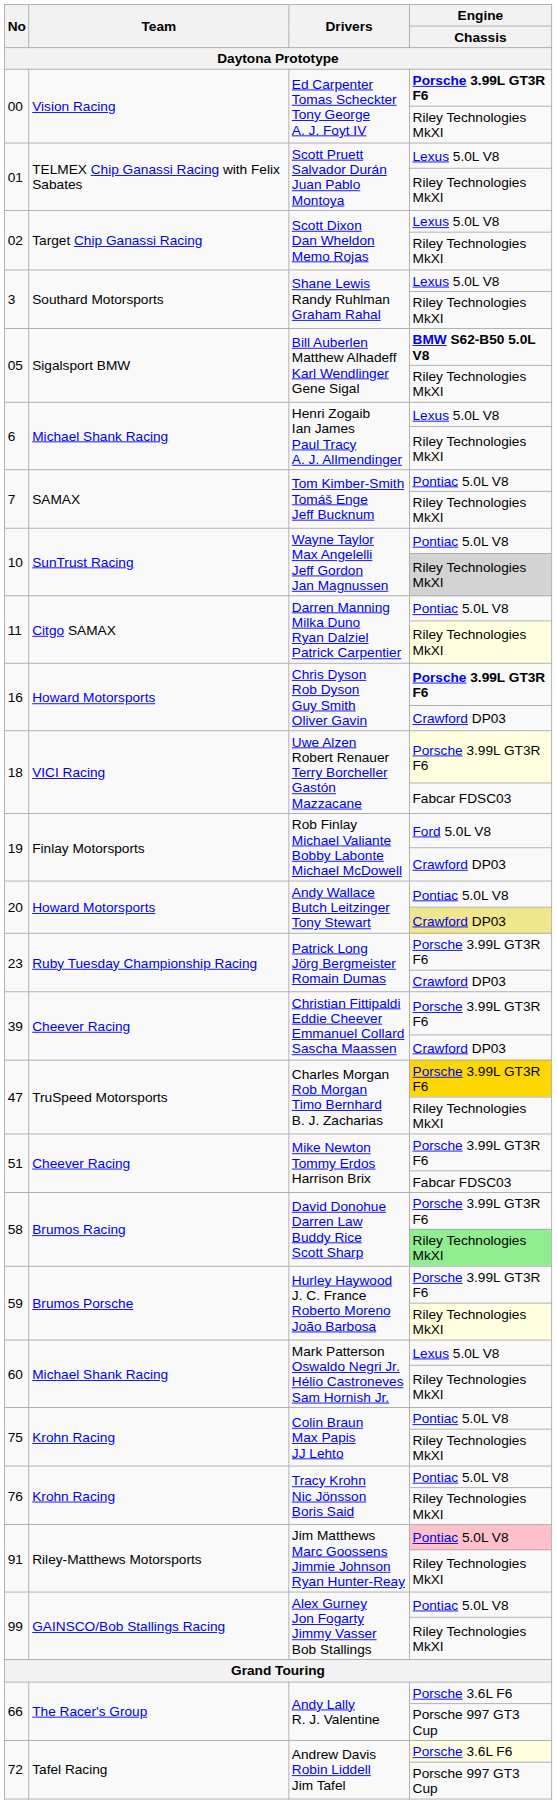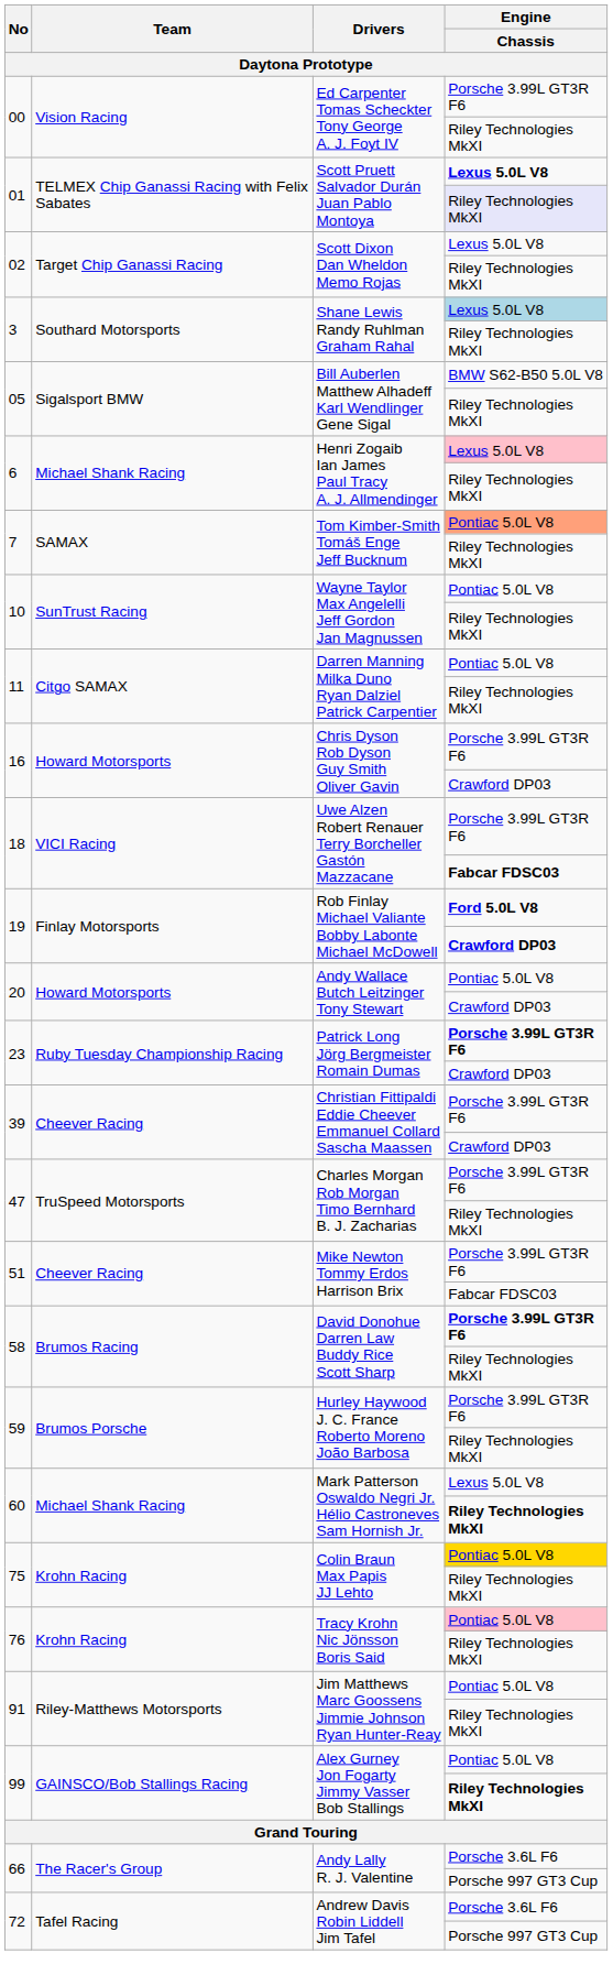 <table class="wikitable" style="font-size: 95%;">
 <tr>
 <th rowspan=2>No</th>
 <th rowspan=2>Team</th>
 <th rowspan=2>Drivers</th>
 <th>Engine</th>
 </tr>
 <tr>
 <th>Chassis</th>
 </tr>
 <tr>
 <th colspan=5>Daytona Prototype</th>
 </tr>
 <tr>
 <td rowspan=2>00</td>
 <td rowspan=2> <a href='#'>Vision Racing</a></td>
 <td rowspan=2> <a href='#'>Ed Carpenter</a><br> <a href='#'>Tomas Scheckter</a><br> <a href='#'>Tony George</a><br> <a href='#'>A. J. Foyt IV</a></td>
-<td><strong><a href='#'>Porsche</a> 3.99L GT3R F6</strong></td>
+<td><a href='#'>Porsche</a> 3.99L GT3R F6</td>
 </tr>
 <tr>
 <td>Riley Technologies MkXI</td>
 </tr>
 <tr>
 <td rowspan=2>01</td>
 <td rowspan=2> TELMEX <a href='#'>Chip Ganassi Racing</a> with Felix Sabates</td>
 <td rowspan=2> <a href='#'>Scott Pruett</a><br> <a href='#'>Salvador Durán</a><br> <a href='#'>Juan Pablo Montoya</a></td>
-<td><a href='#'>Lexus</a> 5.0L V8</td>
+<td><strong><a href='#'>Lexus</a> 5.0L V8</strong></td>
 </tr>
 <tr>
-<td>Riley Technologies MkXI</td>
+<td style="background: lavender;">Riley Technologies MkXI</td>
 </tr>
 <tr>
 <td rowspan=2>02</td>
 <td rowspan=2> Target <a href='#'>Chip Ganassi Racing</a></td>
 <td rowspan=2> <a href='#'>Scott Dixon</a><br> <a href='#'>Dan Wheldon</a><br> <a href='#'>Memo Rojas</a></td>
 <td><a href='#'>Lexus</a> 5.0L V8</td>
 </tr>
 <tr>
 <td>Riley Technologies MkXI</td>
 </tr>
 <tr>
 <td rowspan=2>3</td>
 <td rowspan=2> Southard Motorsports</td>
 <td rowspan=2> <a href='#'>Shane Lewis</a><br> Randy Ruhlman<br> <a href='#'>Graham Rahal</a></td>
-<td><a href='#'>Lexus</a> 5.0L V8</td>
+<td style="background: lightblue;"><a href='#'>Lexus</a> 5.0L V8</td>
 </tr>
 <tr>
 <td>Riley Technologies MkXI</td>
 </tr>
 <tr>
 <td rowspan=2>05</td>
 <td rowspan=2> Sigalsport BMW</td>
 <td rowspan=2> <a href='#'>Bill Auberlen</a><br> Matthew Alhadeff<br> <a href='#'>Karl Wendlinger</a><br> Gene Sigal</td>
-<td><strong><a href='#'>BMW</a> S62-B50 5.0L V8</strong></td>
+<td><a href='#'>BMW</a> S62-B50 5.0L V8</td>
 </tr>
 <tr>
 <td>Riley Technologies MkXI</td>
 </tr>
 <tr>
 <td rowspan=2>6</td>
 <td rowspan=2> <a href='#'>Michael Shank Racing</a></td>
 <td rowspan=2> Henri Zogaib<br> Ian James<br>  <a href='#'>Paul Tracy</a><br> <a href='#'>A. J. Allmendinger</a></td>
-<td><a href='#'>Lexus</a> 5.0L V8</td>
+<td style="background: pink;"><a href='#'>Lexus</a> 5.0L V8</td>
 </tr>
 <tr>
 <td>Riley Technologies MkXI</td>
 </tr>
 <tr>
 <td rowspan=2>7</td>
 <td rowspan=2> SAMAX</td>
 <td rowspan=2> <a href='#'>Tom Kimber-Smith</a><br> <a href='#'>Tomáš Enge</a><br> <a href='#'>Jeff Bucknum</a></td>
-<td><a href='#'>Pontiac</a> 5.0L V8</td>
+<td style="background: lightsalmon;"><a href='#'>Pontiac</a> 5.0L V8</td>
 </tr>
 <tr>
 <td>Riley Technologies MkXI</td>
 </tr>
 <tr>
 <td rowspan=2>10</td>
 <td rowspan=2> <a href='#'>SunTrust Racing</a></td>
 <td rowspan=2> <a href='#'>Wayne Taylor</a><br> <a href='#'>Max Angelelli</a><br> <a href='#'>Jeff Gordon</a><br> <a href='#'>Jan Magnussen</a></td>
 <td><a href='#'>Pontiac</a> 5.0L V8</td>
 </tr>
 <tr>
-<td style="background: lightgrey;">Riley Technologies MkXI</td>
+<td>Riley Technologies MkXI</td>
 </tr>
 <tr>
 <td rowspan=2>11</td>
 <td rowspan=2> <a href='#'>Citgo</a> SAMAX</td>
 <td rowspan=2> <a href='#'>Darren Manning</a><br> <a href='#'>Milka Duno</a><br> <a href='#'>Ryan Dalziel</a><br>  <a href='#'>Patrick Carpentier</a></td>
 <td><a href='#'>Pontiac</a> 5.0L V8</td>
 </tr>
 <tr>
-<td style="background: lightyellow;">Riley Technologies MkXI</td>
+<td>Riley Technologies MkXI</td>
 </tr>
 <tr>
 <td rowspan=2>16</td>
 <td rowspan=2> <a href='#'>Howard Motorsports</a></td>
 <td rowspan=2> <a href='#'>Chris Dyson</a><br> <a href='#'>Rob Dyson</a><br> <a href='#'>Guy Smith</a><br> <a href='#'>Oliver Gavin</a></td>
-<td><strong><a href='#'>Porsche</a> 3.99L GT3R F6</strong></td>
+<td><a href='#'>Porsche</a> 3.99L GT3R F6</td>
 </tr>
 <tr>
 <td><a href='#'>Crawford</a> DP03</td>
 </tr>
 <tr>
 <td rowspan=2>18</td>
 <td rowspan=2> <a href='#'>VICI Racing</a></td>
 <td rowspan=2> <a href='#'>Uwe Alzen</a><br> Robert Renauer<br> <a href='#'>Terry Borcheller</a><br> <a href='#'>Gastón Mazzacane</a></td>
-<td style="background: lightyellow;"><a href='#'>Porsche</a> 3.99L GT3R F6</td>
+<td><a href='#'>Porsche</a> 3.99L GT3R F6</td>
 </tr>
 <tr>
-<td>Fabcar FDSC03</td>
+<td><strong>Fabcar FDSC03</strong></td>
 </tr>
 <tr>
 <td rowspan=2>19</td>
 <td rowspan=2> Finlay Motorsports</td>
 <td rowspan=2> Rob Finlay<br> <a href='#'>Michael Valiante</a><br> <a href='#'>Bobby Labonte</a><br> <a href='#'>Michael McDowell</a></td>
-<td><a href='#'>Ford</a> 5.0L V8</td>
+<td><strong><a href='#'>Ford</a> 5.0L V8</strong></td>
 </tr>
 <tr>
-<td><a href='#'>Crawford</a> DP03</td>
+<td><strong><a href='#'>Crawford</a> DP03</strong></td>
 </tr>
 <tr>
 <td rowspan=2>20</td>
 <td rowspan=2> <a href='#'>Howard Motorsports</a></td>
 <td rowspan=2> <a href='#'>Andy Wallace</a><br> <a href='#'>Butch Leitzinger</a><br> <a href='#'>Tony Stewart</a></td>
 <td><a href='#'>Pontiac</a> 5.0L V8</td>
 </tr>
 <tr>
-<td style="background: khaki;"><a href='#'>Crawford</a> DP03</td>
+<td><a href='#'>Crawford</a> DP03</td>
 </tr>
 <tr>
 <td rowspan=2>23</td>
 <td rowspan=2> <a href='#'>Ruby Tuesday Championship Racing</a></td>
 <td rowspan=2> <a href='#'>Patrick Long</a><br> <a href='#'>Jörg Bergmeister</a><br> <a href='#'>Romain Dumas</a></td>
-<td><a href='#'>Porsche</a> 3.99L GT3R F6</td>
+<td><strong><a href='#'>Porsche</a> 3.99L GT3R F6</strong></td>
 </tr>
 <tr>
 <td><a href='#'>Crawford</a> DP03</td>
 </tr>
 <tr>
 <td rowspan=2>39</td>
 <td rowspan=2> <a href='#'>Cheever Racing</a></td>
 <td rowspan=2> <a href='#'>Christian Fittipaldi</a><br> <a href='#'>Eddie Cheever</a><br> <a href='#'>Emmanuel Collard</a><br> <a href='#'>Sascha Maassen</a></td>
 <td><a href='#'>Porsche</a> 3.99L GT3R F6</td>
 </tr>
 <tr>
 <td><a href='#'>Crawford</a> DP03</td>
 </tr>
 <tr>
 <td rowspan=2>47</td>
 <td rowspan=2> TruSpeed Motorsports</td>
 <td rowspan=2> Charles Morgan<br> <a href='#'>Rob Morgan</a><br> <a href='#'>Timo Bernhard</a><br> B. J. Zacharias</td>
-<td style="background: gold;"><a href='#'>Porsche</a> 3.99L GT3R F6</td>
+<td><a href='#'>Porsche</a> 3.99L GT3R F6</td>
 </tr>
 <tr>
 <td>Riley Technologies MkXI</td>
 </tr>
 <tr>
 <td rowspan=2>51</td>
 <td rowspan=2> <a href='#'>Cheever Racing</a></td>
 <td rowspan=2> <a href='#'>Mike Newton</a><br> <a href='#'>Tommy Erdos</a><br> Harrison Brix</td>
 <td><a href='#'>Porsche</a> 3.99L GT3R F6</td>
 </tr>
 <tr>
 <td>Fabcar FDSC03</td>
 </tr>
 <tr>
 <td rowspan=2>58</td>
 <td rowspan=2> <a href='#'>Brumos Racing</a></td>
 <td rowspan=2> <a href='#'>David Donohue</a><br> <a href='#'>Darren Law</a><br> <a href='#'>Buddy Rice</a><br> <a href='#'>Scott Sharp</a></td>
-<td><a href='#'>Porsche</a> 3.99L GT3R F6</td>
+<td><strong><a href='#'>Porsche</a> 3.99L GT3R F6</strong></td>
 </tr>
 <tr>
-<td style="background: lightgreen;">Riley Technologies MkXI</td>
+<td>Riley Technologies MkXI</td>
 </tr>
 <tr>
 <td rowspan=2>59</td>
 <td rowspan=2> <a href='#'>Brumos Porsche</a></td>
 <td rowspan=2> <a href='#'>Hurley Haywood</a><br> J. C. France<br> <a href='#'>Roberto Moreno</a><br> <a href='#'>João Barbosa</a></td>
 <td><a href='#'>Porsche</a> 3.99L GT3R F6</td>
 </tr>
 <tr>
-<td style="background: lightyellow;">Riley Technologies MkXI</td>
+<td>Riley Technologies MkXI</td>
 </tr>
 <tr>
 <td rowspan=2>60</td>
 <td rowspan=2> <a href='#'>Michael Shank Racing</a></td>
 <td rowspan=2> Mark Patterson<br> <a href='#'>Oswaldo Negri Jr.</a><br> <a href='#'>Hélio Castroneves</a><br> <a href='#'>Sam Hornish Jr.</a></td>
 <td><a href='#'>Lexus</a> 5.0L V8</td>
 </tr>
 <tr>
-<td>Riley Technologies MkXI</td>
+<td><strong>Riley Technologies MkXI</strong></td>
 </tr>
 <tr>
 <td rowspan=2>75</td>
 <td rowspan=2> <a href='#'>Krohn Racing</a></td>
 <td rowspan=2> <a href='#'>Colin Braun</a><br> <a href='#'>Max Papis</a><br> <a href='#'>JJ Lehto</a></td>
-<td><a href='#'>Pontiac</a> 5.0L V8</td>
+<td style="background: gold;"><a href='#'>Pontiac</a> 5.0L V8</td>
 </tr>
 <tr>
 <td>Riley Technologies MkXI</td>
 </tr>
 <tr>
 <td rowspan=2>76</td>
 <td rowspan=2> <a href='#'>Krohn Racing</a></td>
 <td rowspan=2> <a href='#'>Tracy Krohn</a><br> <a href='#'>Nic Jönsson</a><br> <a href='#'>Boris Said</a></td>
-<td><a href='#'>Pontiac</a> 5.0L V8</td>
+<td style="background: pink;"><a href='#'>Pontiac</a> 5.0L V8</td>
 </tr>
 <tr>
 <td>Riley Technologies MkXI</td>
 </tr>
 <tr>
 <td rowspan=2>91</td>
 <td rowspan=2> Riley-Matthews Motorsports</td>
 <td rowspan=2> Jim Matthews<br> <a href='#'>Marc Goossens</a><br> <a href='#'>Jimmie Johnson</a><br> <a href='#'>Ryan Hunter-Reay</a></td>
-<td style="background: pink;"><a href='#'>Pontiac</a> 5.0L V8</td>
+<td><a href='#'>Pontiac</a> 5.0L V8</td>
 </tr>
 <tr>
 <td>Riley Technologies MkXI</td>
 </tr>
 <tr>
 <td rowspan=2>99</td>
 <td rowspan=2> <a href='#'>GAINSCO/Bob Stallings Racing</a></td>
 <td rowspan=2> <a href='#'>Alex Gurney</a><br> <a href='#'>Jon Fogarty</a><br> <a href='#'>Jimmy Vasser</a><br> Bob Stallings</td>
 <td><a href='#'>Pontiac</a> 5.0L V8</td>
 </tr>
 <tr>
-<td>Riley Technologies MkXI</td>
+<td><strong>Riley Technologies MkXI</strong></td>
 </tr>
 <tr>
 <th colspan=5>Grand Touring</th>
 </tr>
 <tr>
 <td rowspan=2>66</td>
 <td rowspan=2> <a href='#'>The Racer's Group</a></td>
 <td rowspan=2> <a href='#'>Andy Lally</a><br> R. J. Valentine</td>
 <td><a href='#'>Porsche</a> 3.6L F6</td>
 </tr>
 <tr>
 <td>Porsche 997 GT3 Cup</td>
 </tr>
 <tr>
 <td rowspan=2>72</td>
 <td rowspan=2> Tafel Racing</td>
 <td rowspan=2> Andrew Davis<br> <a href='#'>Robin Liddell</a><br> Jim Tafel</td>
-<td style="background: lightyellow;"><a href='#'>Porsche</a> 3.6L F6</td>
+<td><a href='#'>Porsche</a> 3.6L F6</td>
 </tr>
 <tr>
 <td>Porsche 997 GT3 Cup</td>
 </tr>
 </table>
